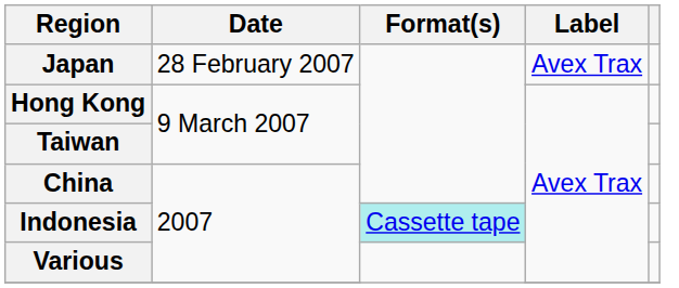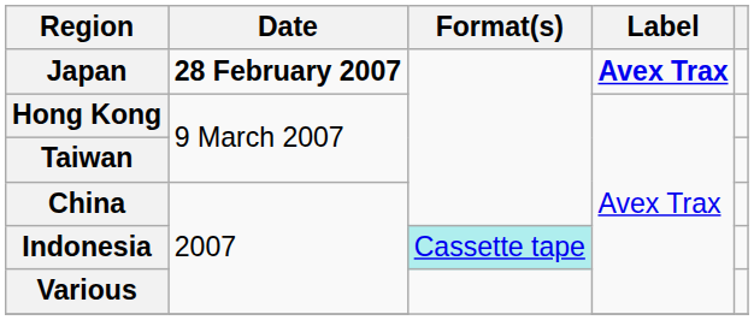 <table class="wikitable plainrowheaders">
 <tr>
 <th scope="col">Region</th>
 <th scope="col">Date</th>
 <th scope="col">Format(s)</th>
 <th scope="col">Label</th>
 <th scope="col"></th>
 </tr>
 <tr>
 <th scope="row">Japan</th>
-<td>28 February 2007</td>
+<td><strong>28 February 2007</strong></td>
 <td rowspan="4"></td>
-<td><a href='#'>Avex Trax</a></td>
+<td><strong><a href='#'>Avex Trax</a></strong></td>
 <td></td>
 </tr>
 <tr>
 <th scope="row">Hong Kong</th>
 <td rowspan="2">9 March 2007</td>
 <td rowspan="5"><a href='#'>Avex Trax</a></td>
 <td></td>
 </tr>
 <tr>
 <th scope="row">Taiwan</th>
 <td></td>
 </tr>
 <tr>
 <th scope="row">China</th>
 <td rowspan="3">2007</td>
 <td></td>
 </tr>
 <tr>
 <th scope="row">Indonesia</th>
 <td style="background: paleturquoise;"><a href='#'>Cassette tape</a></td>
 <td></td>
 </tr>
 <tr>
 <th scope="row">Various</th>
 <td rowspan="3"></td>
 <td></td>
 </tr>
 <tr>
 </tr>
 </table>
